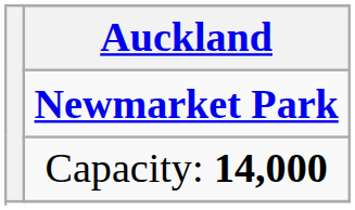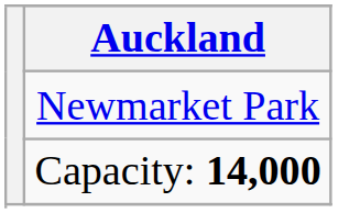 <table class="wikitable" style="text-align:center">
 <tr>
 <th rowspan="8"></th>
 </tr>
 <tr>
 <th><a href='#'>Auckland</a></th>
 </tr>
 <tr>
-<td><strong><a href='#'>Newmarket Park</a></strong></td>
+<td><a href='#'>Newmarket Park</a></td>
 </tr>
 <tr>
 <td>Capacity: <strong>14,000</strong></td>
 </tr>
 <tr>
 </tr>
 </table>
